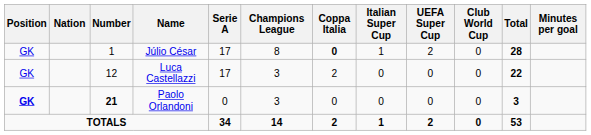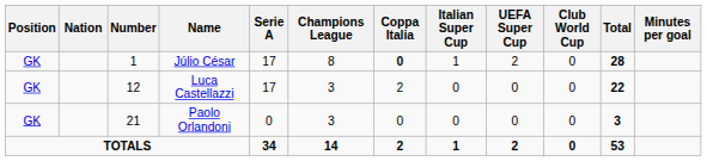 <table class="wikitable sortable" style="font-size: 95%; text-align: center;">
 <tr>
 <th width="7%"><strong>Position</strong></th>
 <th width="7%"><strong>Nation</strong></th>
 <th width="7%"><strong>Number</strong></th>
 <th width="13%"><strong>Name</strong></th>
 <th>Serie A</th>
 <th>Champions League</th>
 <th>Coppa Italia</th>
 <th>Italian Super Cup</th>
 <th>UEFA Super Cup</th>
 <th>Club World Cup</th>
 <th>Total</th>
 <th>Minutes per goal</th>
 </tr>
 <tr>
 <td><a href='#'>GK</a></td>
 <td></td>
 <td>1</td>
 <td><a href='#'>Júlio César</a></td>
 <td>17 </td>
 <td>8 </td>
 <td><strong>0 </strong></td>
 <td>1 </td>
 <td>2 </td>
 <td>0 </td>
 <td><strong>28</strong> </td>
 <td> </td>
 </tr>
 <tr>
 <td><a href='#'>GK</a></td>
 <td></td>
 <td>12</td>
 <td><a href='#'>Luca Castellazzi</a></td>
 <td>17 </td>
 <td>3 </td>
 <td>2 </td>
 <td>0 </td>
 <td>0 </td>
 <td>0 </td>
 <td><strong>22</strong> </td>
 <td> </td>
 </tr>
 <tr>
-<td><strong><a href='#'>GK</a></strong></td>
+<td><a href='#'>GK</a></td>
 <td></td>
-<td><strong>21</strong></td>
+<td>21</td>
 <td><a href='#'>Paolo Orlandoni</a></td>
 <td>0 </td>
 <td>3 </td>
 <td>0 </td>
 <td>0 </td>
 <td>0 </td>
 <td>0 </td>
 <td><strong>3</strong> </td>
 <td> </td>
 </tr>
 <tr>
 <td colspan="4"><strong>TOTALS</strong></td>
 <td><strong>34</strong> </td>
 <td><strong>14</strong> </td>
 <td><strong>2</strong> </td>
 <td><strong>1</strong> </td>
 <td><strong>2</strong> </td>
 <td><strong>0</strong> </td>
 <td><strong>53</strong> </td>
 <td> </td>
 </tr>
 </table>
